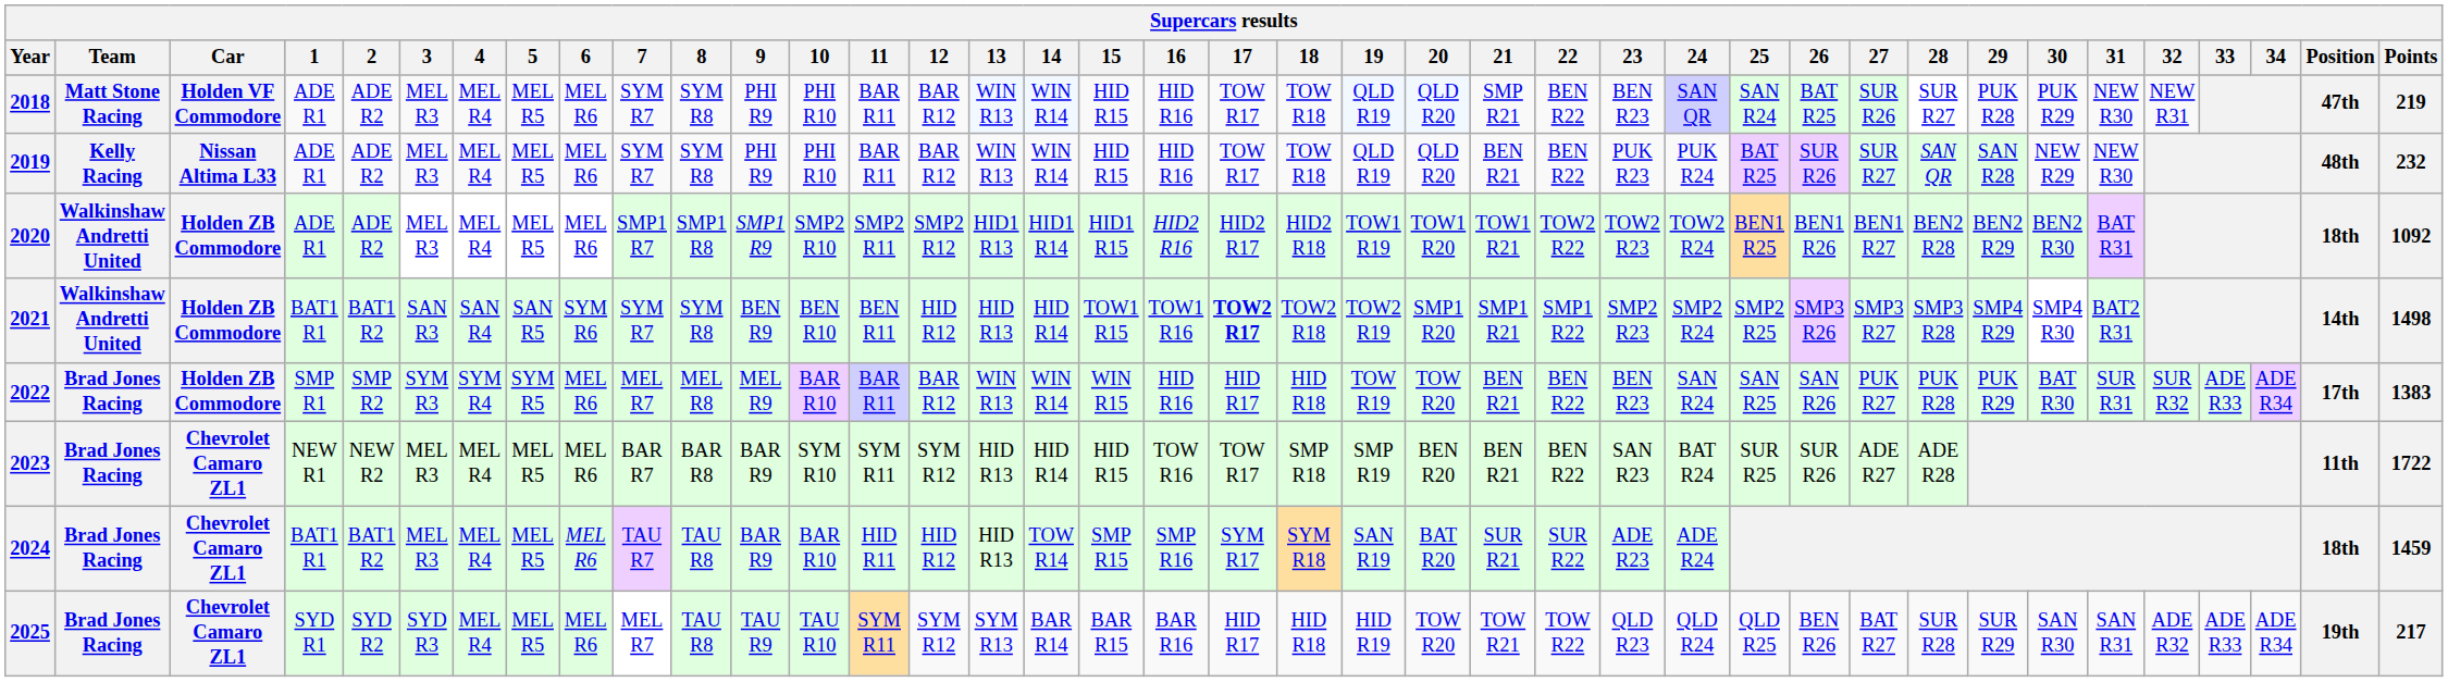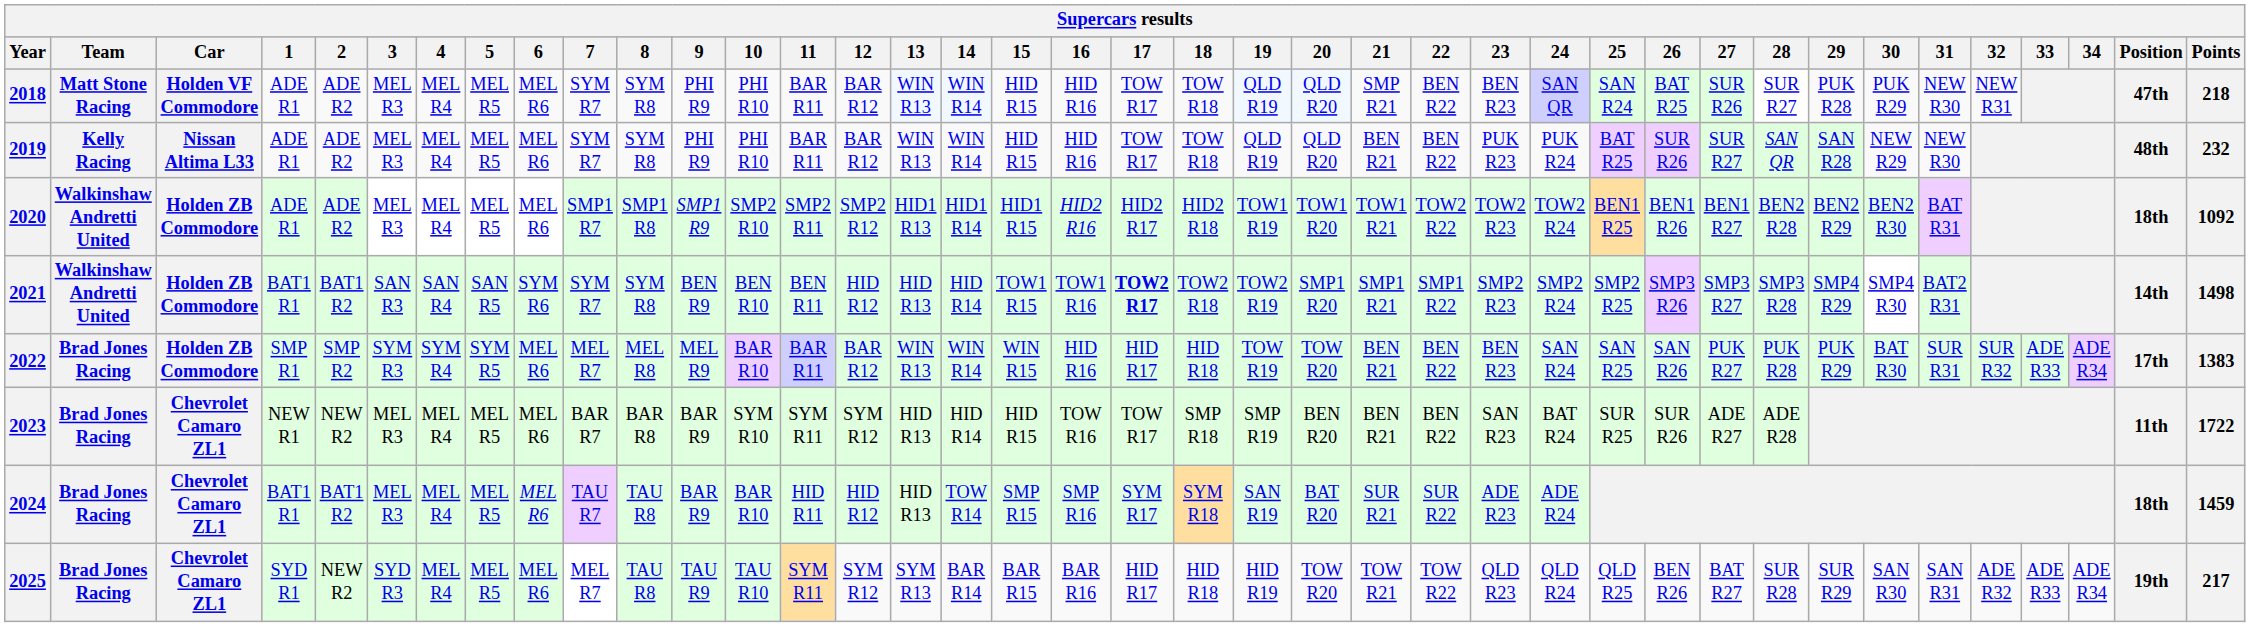 <table class="wikitable" style="text-align:center; font-size:75%">
 <tr>
 <th colspan=39><a href='#'>Supercars</a> results</th>
 </tr>
 <tr>
 <th>Year</th>
 <th>Team</th>
 <th>Car</th>
 <th>1</th>
 <th>2</th>
 <th>3</th>
 <th>4</th>
 <th>5</th>
 <th>6</th>
 <th>7</th>
 <th>8</th>
 <th>9</th>
 <th>10</th>
 <th>11</th>
 <th>12</th>
 <th>13</th>
 <th>14</th>
 <th>15</th>
 <th>16</th>
 <th>17</th>
 <th>18</th>
 <th>19</th>
 <th>20</th>
 <th>21</th>
 <th>22</th>
 <th>23</th>
 <th>24</th>
 <th>25</th>
 <th>26</th>
 <th>27</th>
 <th>28</th>
 <th>29</th>
 <th>30</th>
 <th>31</th>
 <th>32</th>
 <th>33</th>
 <th>34</th>
 <th>Position</th>
 <th>Points</th>
 </tr>
 <tr>
 <th><a href='#'>2018</a></th>
 <th><a href='#'>Matt Stone Racing</a></th>
 <th><a href='#'>Holden VF Commodore</a></th>
 <td><a href='#'>ADE<br>R1</a></td>
 <td><a href='#'>ADE<br>R2</a></td>
 <td><a href='#'>MEL<br>R3</a></td>
 <td><a href='#'>MEL<br>R4</a></td>
 <td><a href='#'>MEL<br>R5</a></td>
 <td><a href='#'>MEL<br>R6</a></td>
 <td><a href='#'>SYM<br>R7</a></td>
 <td><a href='#'>SYM<br>R8</a></td>
 <td><a href='#'>PHI<br>R9</a></td>
 <td><a href='#'>PHI<br>R10</a></td>
 <td><a href='#'>BAR<br>R11</a></td>
 <td><a href='#'>BAR<br>R12</a></td>
 <td style="background: #f1f8ff"><a href='#'>WIN<br>R13</a><br></td>
 <td style="background: #f1f8ff"><a href='#'>WIN<br>R14</a><br></td>
 <td><a href='#'>HID<br>R15</a></td>
 <td><a href='#'>HID<br>R16</a></td>
 <td><a href='#'>TOW<br>R17</a></td>
 <td><a href='#'>TOW<br>R18</a></td>
 <td style="background: #f1f8ff"><a href='#'>QLD<br>R19</a><br></td>
 <td style="background: #f1f8ff"><a href='#'>QLD<br>R20</a><br></td>
 <td><a href='#'>SMP<br>R21</a></td>
 <td><a href='#'>BEN<br>R22</a></td>
 <td><a href='#'>BEN<br>R23</a></td>
 <td style="background: #cfcfff"><a href='#'>SAN<br>QR</a><br></td>
 <td style="background: #dfffdf"><a href='#'>SAN<br>R24</a><br></td>
 <td style="background: #dfffdf"><a href='#'>BAT<br>R25</a><br></td>
 <td style="background: #dfffdf"><a href='#'>SUR<br>R26</a><br></td>
 <td style="background: #ffffff"><a href='#'>SUR<br>R27</a><br></td>
 <td><a href='#'>PUK<br>R28</a></td>
 <td><a href='#'>PUK<br>R29</a></td>
 <td><a href='#'>NEW<br>R30</a></td>
 <td><a href='#'>NEW<br>R31</a></td>
 <th colspan=2></th>
 <th>47th</th>
-<th>219</th>
+<th>218</th>
 </tr>
 <tr>
 <th><a href='#'>2019</a></th>
 <th><a href='#'>Kelly Racing</a></th>
 <th><a href='#'>Nissan Altima L33</a></th>
 <td><a href='#'>ADE<br>R1</a></td>
 <td><a href='#'>ADE<br>R2</a></td>
 <td><a href='#'>MEL<br>R3</a></td>
 <td><a href='#'>MEL<br>R4</a></td>
 <td><a href='#'>MEL<br>R5</a></td>
 <td><a href='#'>MEL<br>R6</a></td>
 <td><a href='#'>SYM<br>R7</a></td>
 <td><a href='#'>SYM<br>R8</a></td>
 <td><a href='#'>PHI<br>R9</a></td>
 <td><a href='#'>PHI<br>R10</a></td>
 <td><a href='#'>BAR<br>R11</a></td>
 <td><a href='#'>BAR<br>R12</a></td>
 <td><a href='#'>WIN<br>R13</a></td>
 <td><a href='#'>WIN<br>R14</a></td>
 <td><a href='#'>HID<br>R15</a></td>
 <td><a href='#'>HID<br>R16</a></td>
 <td><a href='#'>TOW<br>R17</a></td>
 <td><a href='#'>TOW<br>R18</a></td>
 <td><a href='#'>QLD<br>R19</a></td>
 <td><a href='#'>QLD<br>R20</a></td>
 <td><a href='#'>BEN<br>R21</a></td>
 <td><a href='#'>BEN<br>R22</a></td>
 <td><a href='#'>PUK<br>R23</a></td>
 <td><a href='#'>PUK<br>R24</a></td>
 <td style="background: #efcfff"><a href='#'>BAT<br>R25</a><br></td>
 <td style="background: #efcfff"><a href='#'>SUR<br>R26</a><br></td>
 <td style="background: #dfffdf"><a href='#'>SUR<br>R27</a><br></td>
 <td style="background: #dfffdf"><em><a href='#'>SAN<br>QR</a><br></em></td>
 <td style="background: #dfffdf"><a href='#'>SAN<br>R28</a><br></td>
 <td><a href='#'>NEW<br>R29</a></td>
 <td><a href='#'>NEW<br>R30</a></td>
 <th colspan=3></th>
 <th>48th</th>
 <th>232</th>
 </tr>
 <tr>
 <th><a href='#'>2020</a></th>
 <th><a href='#'>Walkinshaw Andretti United</a></th>
 <th><a href='#'>Holden ZB Commodore</a></th>
 <td style="background: #dfffdf"><a href='#'>ADE<br>R1</a><br></td>
 <td style="background: #dfffdf"><a href='#'>ADE<br>R2</a><br></td>
 <td style="background: #ffffff"><a href='#'>MEL<br>R3</a><br></td>
 <td style="background: #ffffff"><a href='#'>MEL<br>R4</a><br></td>
 <td style="background: #ffffff"><a href='#'>MEL<br>R5</a><br></td>
 <td style="background: #ffffff"><a href='#'>MEL<br>R6</a><br></td>
 <td style="background: #dfffdf"><a href='#'>SMP1<br>R7</a><br></td>
 <td style="background: #dfffdf"><a href='#'>SMP1<br>R8</a><br></td>
 <td style="background: #dfffdf"><em><a href='#'>SMP1<br>R9</a><br></em></td>
 <td style="background: #dfffdf"><a href='#'>SMP2<br>R10</a><br></td>
 <td style="background: #dfffdf"><a href='#'>SMP2<br>R11</a><br></td>
 <td style="background: #dfffdf"><a href='#'>SMP2<br>R12</a><br></td>
 <td style="background: #dfffdf"><a href='#'>HID1<br>R13</a><br></td>
 <td style="background: #dfffdf"><a href='#'>HID1<br>R14</a><br></td>
 <td style="background: #dfffdf"><a href='#'>HID1<br>R15</a><br></td>
 <td style="background: #dfffdf"><em><a href='#'>HID2<br>R16</a><br></em></td>
 <td style="background: #dfffdf"><a href='#'>HID2<br>R17</a><br></td>
 <td style="background: #dfffdf"><a href='#'>HID2<br>R18</a><br></td>
 <td style="background: #dfffdf"><a href='#'>TOW1<br>R19</a><br></td>
 <td style="background: #dfffdf"><a href='#'>TOW1<br>R20</a><br></td>
 <td style="background: #dfffdf"><a href='#'>TOW1<br>R21</a><br></td>
 <td style="background: #dfffdf"><a href='#'>TOW2<br>R22</a><br></td>
 <td style="background: #dfffdf"><a href='#'>TOW2<br>R23</a><br></td>
 <td style="background: #dfffdf"><a href='#'>TOW2<br>R24</a><br></td>
 <td style="background: #ffdf9f"><a href='#'>BEN1<br>R25</a><br></td>
 <td style="background: #dfffdf"><a href='#'>BEN1<br>R26</a><br></td>
 <td style="background: #dfffdf"><a href='#'>BEN1<br>R27</a><br></td>
 <td style="background: #dfffdf"><a href='#'>BEN2<br>R28</a><br></td>
 <td style="background: #dfffdf"><a href='#'>BEN2<br>R29</a><br></td>
 <td style="background: #dfffdf"><a href='#'>BEN2<br>R30</a><br></td>
 <td style="background: #efcfff"><a href='#'>BAT<br>R31</a><br></td>
 <th colspan=3></th>
 <th>18th</th>
 <th>1092</th>
 </tr>
 <tr>
 <th><a href='#'>2021</a></th>
 <th><a href='#'>Walkinshaw Andretti United</a></th>
 <th><a href='#'>Holden ZB Commodore</a></th>
 <td style="background: #dfffdf"><a href='#'>BAT1<br>R1</a><br></td>
 <td style="background: #dfffdf"><a href='#'>BAT1<br>R2</a><br></td>
 <td style="background: #dfffdf"><a href='#'>SAN<br>R3</a><br></td>
 <td style="background: #dfffdf"><a href='#'>SAN<br>R4</a><br></td>
 <td style="background: #dfffdf"><a href='#'>SAN<br>R5</a><br></td>
 <td style="background: #dfffdf"><a href='#'>SYM<br>R6</a><br></td>
 <td style="background: #dfffdf"><a href='#'>SYM<br>R7</a><br></td>
 <td style="background: #dfffdf"><a href='#'>SYM<br>R8</a><br></td>
 <td style="background: #dfffdf"><a href='#'>BEN<br>R9</a><br></td>
 <td style="background: #dfffdf"><a href='#'>BEN<br>R10</a><br></td>
 <td style="background: #dfffdf"><a href='#'>BEN<br>R11</a><br></td>
 <td style="background: #dfffdf"><a href='#'>HID<br>R12</a><br></td>
 <td style="background: #dfffdf"><a href='#'>HID<br>R13</a><br></td>
 <td style="background: #dfffdf"><a href='#'>HID<br>R14</a><br></td>
 <td style="background: #dfffdf"><a href='#'>TOW1<br>R15</a><br></td>
 <td style="background: #dfffdf"><a href='#'>TOW1<br>R16</a><br></td>
 <td style="background: #dfffdf"><strong><a href='#'>TOW2<br>R17</a><br></strong></td>
 <td style="background: #dfffdf"><a href='#'>TOW2<br>R18</a><br></td>
 <td style="background: #dfffdf"><a href='#'>TOW2<br>R19</a><br></td>
 <td style="background: #dfffdf"><a href='#'>SMP1<br>R20</a><br></td>
 <td style="background: #dfffdf"><a href='#'>SMP1<br>R21</a><br></td>
 <td style="background: #dfffdf"><a href='#'>SMP1<br>R22</a><br></td>
 <td style="background: #dfffdf"><a href='#'>SMP2<br>R23</a><br></td>
 <td style="background: #dfffdf"><a href='#'>SMP2<br>R24</a><br></td>
 <td style="background: #dfffdf"><a href='#'>SMP2<br>R25</a><br></td>
 <td style="background: #efcfff"><a href='#'>SMP3<br>R26</a><br></td>
 <td style="background: #dfffdf"><a href='#'>SMP3<br>R27</a><br></td>
 <td style="background: #dfffdf"><a href='#'>SMP3<br>R28</a><br></td>
 <td style="background: #dfffdf"><a href='#'>SMP4<br>R29</a><br></td>
 <td style="background: #ffffff"><a href='#'>SMP4<br>R30</a><br></td>
 <td style="background: #dfffdf"><a href='#'>BAT2<br>R31</a><br></td>
 <th colspan=3></th>
 <th>14th</th>
 <th>1498</th>
 </tr>
 <tr>
 <th><a href='#'>2022</a></th>
 <th><a href='#'>Brad Jones Racing</a></th>
 <th><a href='#'>Holden ZB Commodore</a></th>
 <td style="background: #dfffdf"><a href='#'>SMP<br>R1</a><br></td>
 <td style="background: #dfffdf"><a href='#'>SMP<br>R2</a><br></td>
 <td style="background: #dfffdf"><a href='#'>SYM<br>R3</a><br></td>
 <td style="background: #dfffdf"><a href='#'>SYM<br>R4</a><br></td>
 <td style="background: #dfffdf"><a href='#'>SYM<br>R5</a><br></td>
 <td style="background: #dfffdf"><a href='#'>MEL<br>R6</a><br></td>
 <td style="background: #dfffdf"><a href='#'>MEL<br>R7</a><br></td>
 <td style="background: #dfffdf"><a href='#'>MEL<br>R8</a><br></td>
 <td style="background: #dfffdf"><a href='#'>MEL<br>R9</a><br></td>
 <td style="background: #efcfff"><a href='#'>BAR<br>R10</a><br></td>
 <td style="background: #cfcfff"><a href='#'>BAR<br>R11</a><br></td>
 <td style="background: #dfffdf"><a href='#'>BAR<br>R12</a><br></td>
 <td style="background: #dfffdf"><a href='#'>WIN<br>R13</a><br></td>
 <td style="background: #dfffdf"><a href='#'>WIN<br>R14</a><br></td>
 <td style="background: #dfffdf"><a href='#'>WIN<br>R15</a><br></td>
 <td style="background: #dfffdf"><a href='#'>HID<br>R16</a><br></td>
 <td style="background: #dfffdf"><a href='#'>HID<br>R17</a><br></td>
 <td style="background: #dfffdf"><a href='#'>HID<br>R18</a><br></td>
 <td style="background: #dfffdf"><a href='#'>TOW<br>R19</a><br></td>
 <td style="background: #dfffdf"><a href='#'>TOW<br>R20</a><br></td>
 <td style="background: #dfffdf"><a href='#'>BEN<br>R21</a><br></td>
 <td style="background: #dfffdf"><a href='#'>BEN<br>R22</a><br></td>
 <td style="background: #dfffdf"><a href='#'>BEN<br>R23</a><br></td>
 <td style="background: #dfffdf"><a href='#'>SAN<br>R24</a><br></td>
 <td style="background: #dfffdf"><a href='#'>SAN<br>R25</a><br></td>
 <td style="background: #dfffdf"><a href='#'>SAN<br>R26</a><br></td>
 <td style="background: #dfffdf"><a href='#'>PUK<br>R27</a><br></td>
 <td style="background: #dfffdf"><a href='#'>PUK<br>R28</a><br></td>
 <td style="background: #dfffdf"><a href='#'>PUK<br>R29</a><br></td>
 <td style="background: #dfffdf"><a href='#'>BAT<br>R30</a><br></td>
 <td style="background: #dfffdf"><a href='#'>SUR<br>R31</a><br></td>
 <td style="background: #dfffdf"><a href='#'>SUR<br>R32</a><br></td>
 <td style="background: #dfffdf"><a href='#'>ADE<br>R33</a><br></td>
 <td style="background: #efcfff"><a href='#'>ADE<br>R34</a><br></td>
 <th>17th</th>
 <th>1383</th>
 </tr>
 <tr>
 <th><a href='#'>2023</a></th>
 <th><a href='#'>Brad Jones Racing</a></th>
 <th><a href='#'>Chevrolet Camaro ZL1</a></th>
 <td style="background:#dfffdf">NEW<br>R1<br></td>
 <td style="background:#dfffdf">NEW<br>R2<br></td>
 <td style="background:#dfffdf">MEL<br>R3<br></td>
 <td style="background:#dfffdf">MEL<br>R4<br></td>
 <td style="background:#dfffdf">MEL<br>R5<br></td>
 <td style="background:#dfffdf">MEL<br>R6<br></td>
 <td style="background:#dfffdf">BAR<br>R7<br></td>
 <td style="background:#dfffdf">BAR<br>R8<br></td>
 <td style="background:#dfffdf">BAR<br>R9<br></td>
 <td style="background:#dfffdf">SYM<br>R10<br></td>
 <td style="background:#dfffdf">SYM<br>R11<br></td>
 <td style="background:#dfffdf">SYM<br>R12<br></td>
 <td style="background:#dfffdf">HID<br>R13<br></td>
 <td style="background:#dfffdf">HID<br>R14<br></td>
 <td style="background:#dfffdf">HID<br>R15<br></td>
 <td style="background:#dfffdf">TOW<br>R16<br></td>
 <td style="background:#dfffdf">TOW<br>R17<br></td>
 <td style="background:#dfffdf">SMP<br>R18<br></td>
 <td style="background:#dfffdf">SMP<br>R19<br></td>
 <td style="background:#dfffdf">BEN<br>R20<br></td>
 <td style="background:#dfffdf">BEN<br>R21<br></td>
 <td style="background:#dfffdf">BEN<br>R22<br></td>
 <td style="background:#dfffdf">SAN<br>R23<br></td>
 <td style="background:#dfffdf">BAT<br>R24<br></td>
 <td style="background:#dfffdf">SUR<br>R25<br></td>
 <td style="background:#dfffdf">SUR<br>R26<br></td>
 <td style="background:#dfffdf">ADE<br>R27<br></td>
 <td style="background:#dfffdf">ADE<br>R28<br></td>
 <th colspan=6></th>
 <th style="background:">11th</th>
 <th style="background:">1722</th>
 </tr>
 <tr>
 <th><a href='#'>2024</a></th>
 <th><a href='#'>Brad Jones Racing</a></th>
 <th><a href='#'>Chevrolet Camaro ZL1</a></th>
 <td style=background:#dfffdf><a href='#'>BAT1<br>R1</a><br></td>
 <td style=background:#dfffdf><a href='#'>BAT1<br>R2</a><br></td>
 <td style=background:#dfffdf><a href='#'>MEL<br>R3</a><br></td>
 <td style=background:#dfffdf><a href='#'>MEL<br>R4</a><br></td>
 <td style=background:#dfffdf><a href='#'>MEL<br>R5</a><br></td>
 <td style=background:#dfffdf><em><a href='#'>MEL<br>R6</a></em><br></td>
 <td style=background:#efcfff><a href='#'>TAU<br>R7</a><br></td>
 <td style=background:#dfffdf><a href='#'>TAU<br>R8</a><br></td>
 <td style=background:#dfffdf><a href='#'>BAR<br>R9</a><br></td>
 <td style=background:#dfffdf><a href='#'>BAR<br>R10</a><br></td>
 <td style=background:#dfffdf><a href='#'>HID<br>R11</a><br></td>
 <td style=background:#dfffdf><a href='#'>HID<br>R12</a><br></td>
 <td style="background:#dfffdf">HID<br>R13<br></td>
 <td style=background:#dfffdf><a href='#'>TOW<br>R14</a><br></td>
 <td style=background:#dfffdf><a href='#'>SMP<br>R15</a><br></td>
 <td style=background:#dfffdf><a href='#'>SMP<br>R16</a><br></td>
 <td style=background:#dfffdf><a href='#'>SYM<br>R17</a><br></td>
 <td style=background:#ffdf9f><a href='#'>SYM<br>R18</a><br></td>
 <td style=background:#dfffdf><a href='#'>SAN<br>R19</a><br></td>
 <td style=background:#dfffdf><a href='#'>BAT<br>R20</a><br></td>
 <td style=background:#dfffdf><a href='#'>SUR<br>R21</a><br></td>
 <td style=background:#dfffdf><a href='#'>SUR<br>R22</a><br></td>
 <td style=background:#dfffdf><a href='#'>ADE<br>R23</a><br></td>
 <td style=background:#dfffdf><a href='#'>ADE<br>R24</a><br></td>
 <th colspan=10></th>
 <th>18th</th>
 <th>1459</th>
 </tr>
 <tr>
 <th><a href='#'>2025</a></th>
 <th><a href='#'>Brad Jones Racing</a></th>
 <th><a href='#'>Chevrolet Camaro ZL1</a></th>
 <td style=background:#dfffdf><a href='#'>SYD<br>R1</a><br></td>
-<td style=background:#dfffdf><a href='#'>SYD<br>R2</a><br></td>
+<td style="background:#dfffdf">NEW<br>R2<br></td>
 <td style=background:#dfffdf><a href='#'>SYD<br>R3</a><br></td>
 <td style=background:#dfffdf><a href='#'>MEL<br>R4</a><br></td>
 <td style=background:#dfffdf><a href='#'>MEL<br>R5</a><br></td>
 <td style=background:#dfffdf><a href='#'>MEL<br>R6</a><br></td>
 <td style=background:#ffffff><a href='#'>MEL<br>R7</a><br></td>
 <td style=background:#dfffdf><a href='#'>TAU<br>R8</a><br></td>
 <td style=background:#dfffdf><a href='#'>TAU<br>R9</a><br></td>
 <td style=background:#dfffdf><a href='#'>TAU<br>R10</a><br></td>
 <td style=background:#ffdf9f><a href='#'>SYM<br>R11</a><br></td>
 <td style=background:#><a href='#'>SYM<br>R12</a><br></td>
 <td style=background:#><a href='#'>SYM<br>R13</a><br></td>
 <td style=background:#><a href='#'>BAR<br>R14</a><br></td>
 <td style=background:#><a href='#'>BAR<br>R15</a><br></td>
 <td style=background:#><a href='#'>BAR<br>R16</a><br></td>
 <td style=background:#><a href='#'>HID<br>R17</a><br></td>
 <td style=background:#><a href='#'>HID<br>R18</a><br></td>
 <td style=background:#><a href='#'>HID<br>R19</a><br></td>
 <td style=background:#><a href='#'>TOW<br>R20</a><br></td>
 <td style=background:#><a href='#'>TOW<br>R21</a><br></td>
 <td style=background:#><a href='#'>TOW<br>R22</a><br></td>
 <td style=background:#><a href='#'>QLD<br>R23</a><br></td>
 <td style=background:#><a href='#'>QLD<br>R24</a><br></td>
 <td style=background:#><a href='#'>QLD<br>R25</a><br></td>
 <td style=background:#><a href='#'>BEN<br>R26</a><br></td>
 <td style=background:#><a href='#'>BAT<br>R27</a><br></td>
 <td style=background:#><a href='#'>SUR<br>R28</a><br></td>
 <td style=background:#><a href='#'>SUR<br>R29</a><br></td>
 <td style=background:#><a href='#'>SAN<br>R30</a><br></td>
 <td style=background:#><a href='#'>SAN<br>R31</a><br></td>
 <td style=background:#><a href='#'>ADE<br>R32</a><br></td>
 <td style=background:#><a href='#'>ADE<br>R33</a><br></td>
 <td style=background:#><a href='#'>ADE<br>R34</a><br></td>
 <th>19th</th>
 <th>217</th>
 </tr>
 </table>
